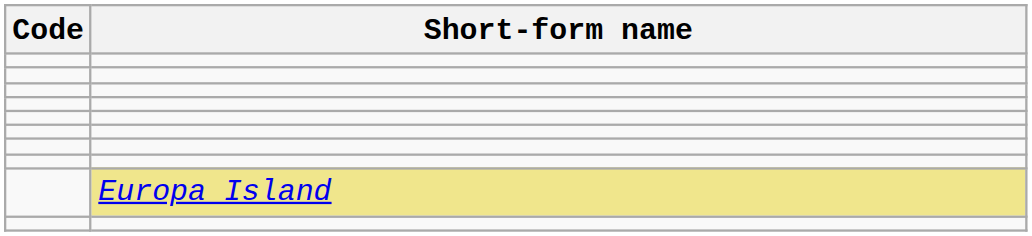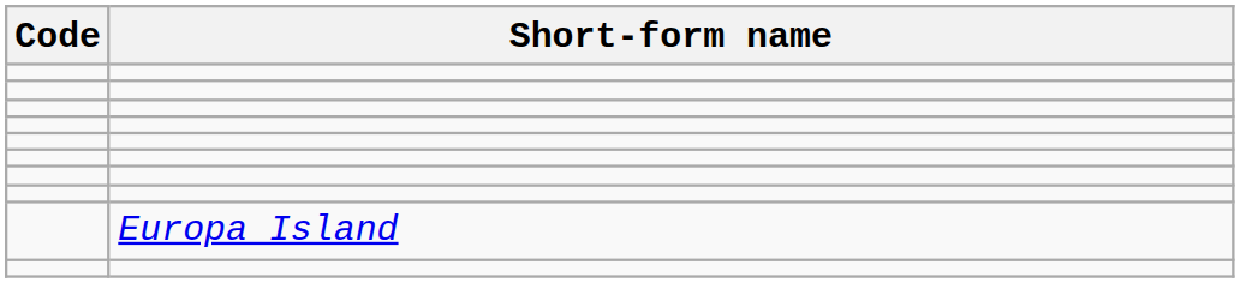 <table class="wikitable sortable">
 <tr>
 <th>Code</th>
 <th width=400px>Short-form name</th>
 </tr>
 <tr>
 <td></td>
 <td></td>
 </tr>
 <tr>
 <td></td>
 <td></td>
 </tr>
 <tr>
 <td></td>
 <td></td>
 </tr>
 <tr>
 <td></td>
 <td></td>
 </tr>
 <tr>
 <td></td>
 <td></td>
 </tr>
 <tr>
 <td></td>
 <td></td>
 </tr>
 <tr>
 <td></td>
 <td></td>
 </tr>
 <tr>
 <td></td>
 <td></td>
 </tr>
 <tr>
 <td></td>
-<td style="background: khaki;"> <em><a href='#'>Europa Island</a></em></td>
+<td> <em><a href='#'>Europa Island</a></em></td>
 </tr>
 <tr>
 <td></td>
 <td></td>
 </tr>
 </table>
